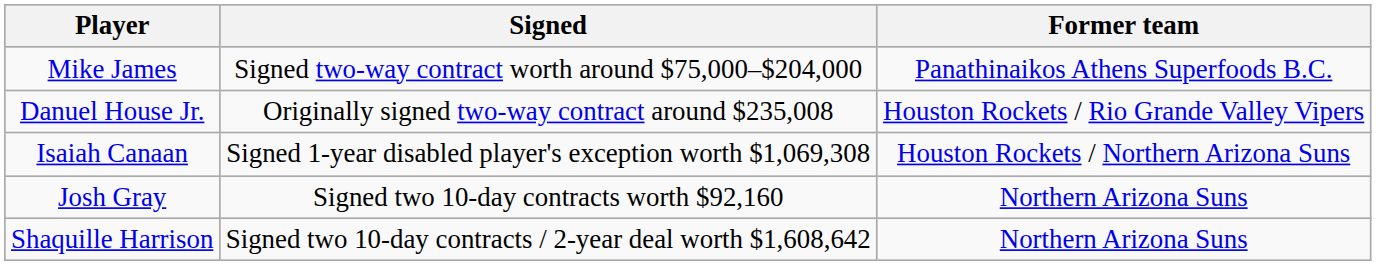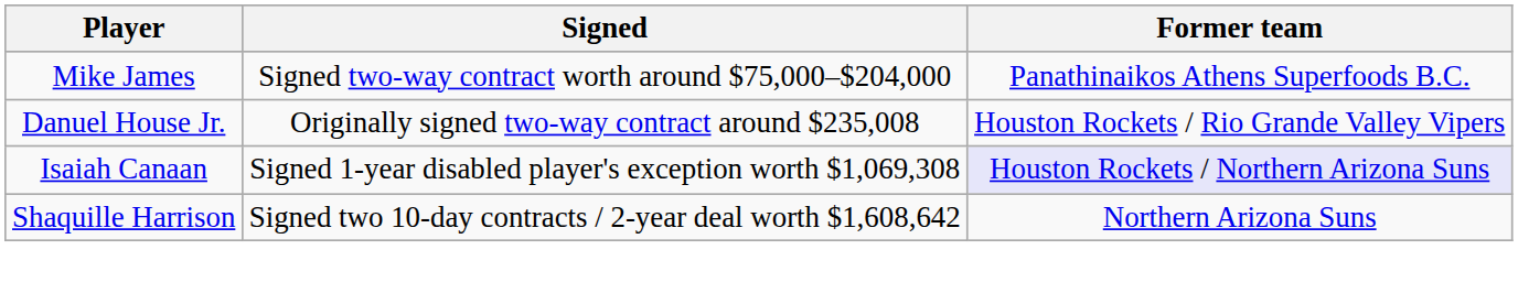 <table class="wikitable sortable sortable">
 <tr>
 <th>Player</th>
 <th>Signed</th>
 <th>Former team</th>
 </tr>
 <tr style="text-align: center">
 <td><a href='#'>Mike James</a></td>
 <td>Signed <a href='#'>two-way contract</a> worth around $75,000–$204,000</td>
 <td> <a href='#'>Panathinaikos Athens Superfoods B.C.</a></td>
 </tr>
 <tr style="text-align: center">
 <td><a href='#'>Danuel House Jr.</a></td>
 <td>Originally signed <a href='#'>two-way contract</a> around $235,008</td>
 <td><a href='#'>Houston Rockets</a> / <a href='#'>Rio Grande Valley Vipers</a></td>
 </tr>
 <tr style="text-align: center">
 <td><a href='#'>Isaiah Canaan</a></td>
 <td>Signed 1-year disabled player's exception worth $1,069,308</td>
-<td><a href='#'>Houston Rockets</a> / <a href='#'>Northern Arizona Suns</a></td>
-</tr>
-<tr style="text-align: center">
-<td><a href='#'>Josh Gray</a></td>
-<td>Signed two 10-day contracts worth $92,160</td>
-<td><a href='#'>Northern Arizona Suns</a></td>
+<td style="background: lavender;"><a href='#'>Houston Rockets</a> / <a href='#'>Northern Arizona Suns</a></td>
 </tr>
 <tr style="text-align: center">
 <td><a href='#'>Shaquille Harrison</a></td>
 <td>Signed two 10-day contracts / 2-year deal worth $1,608,642</td>
 <td><a href='#'>Northern Arizona Suns</a></td>
 </tr>
 </table>
